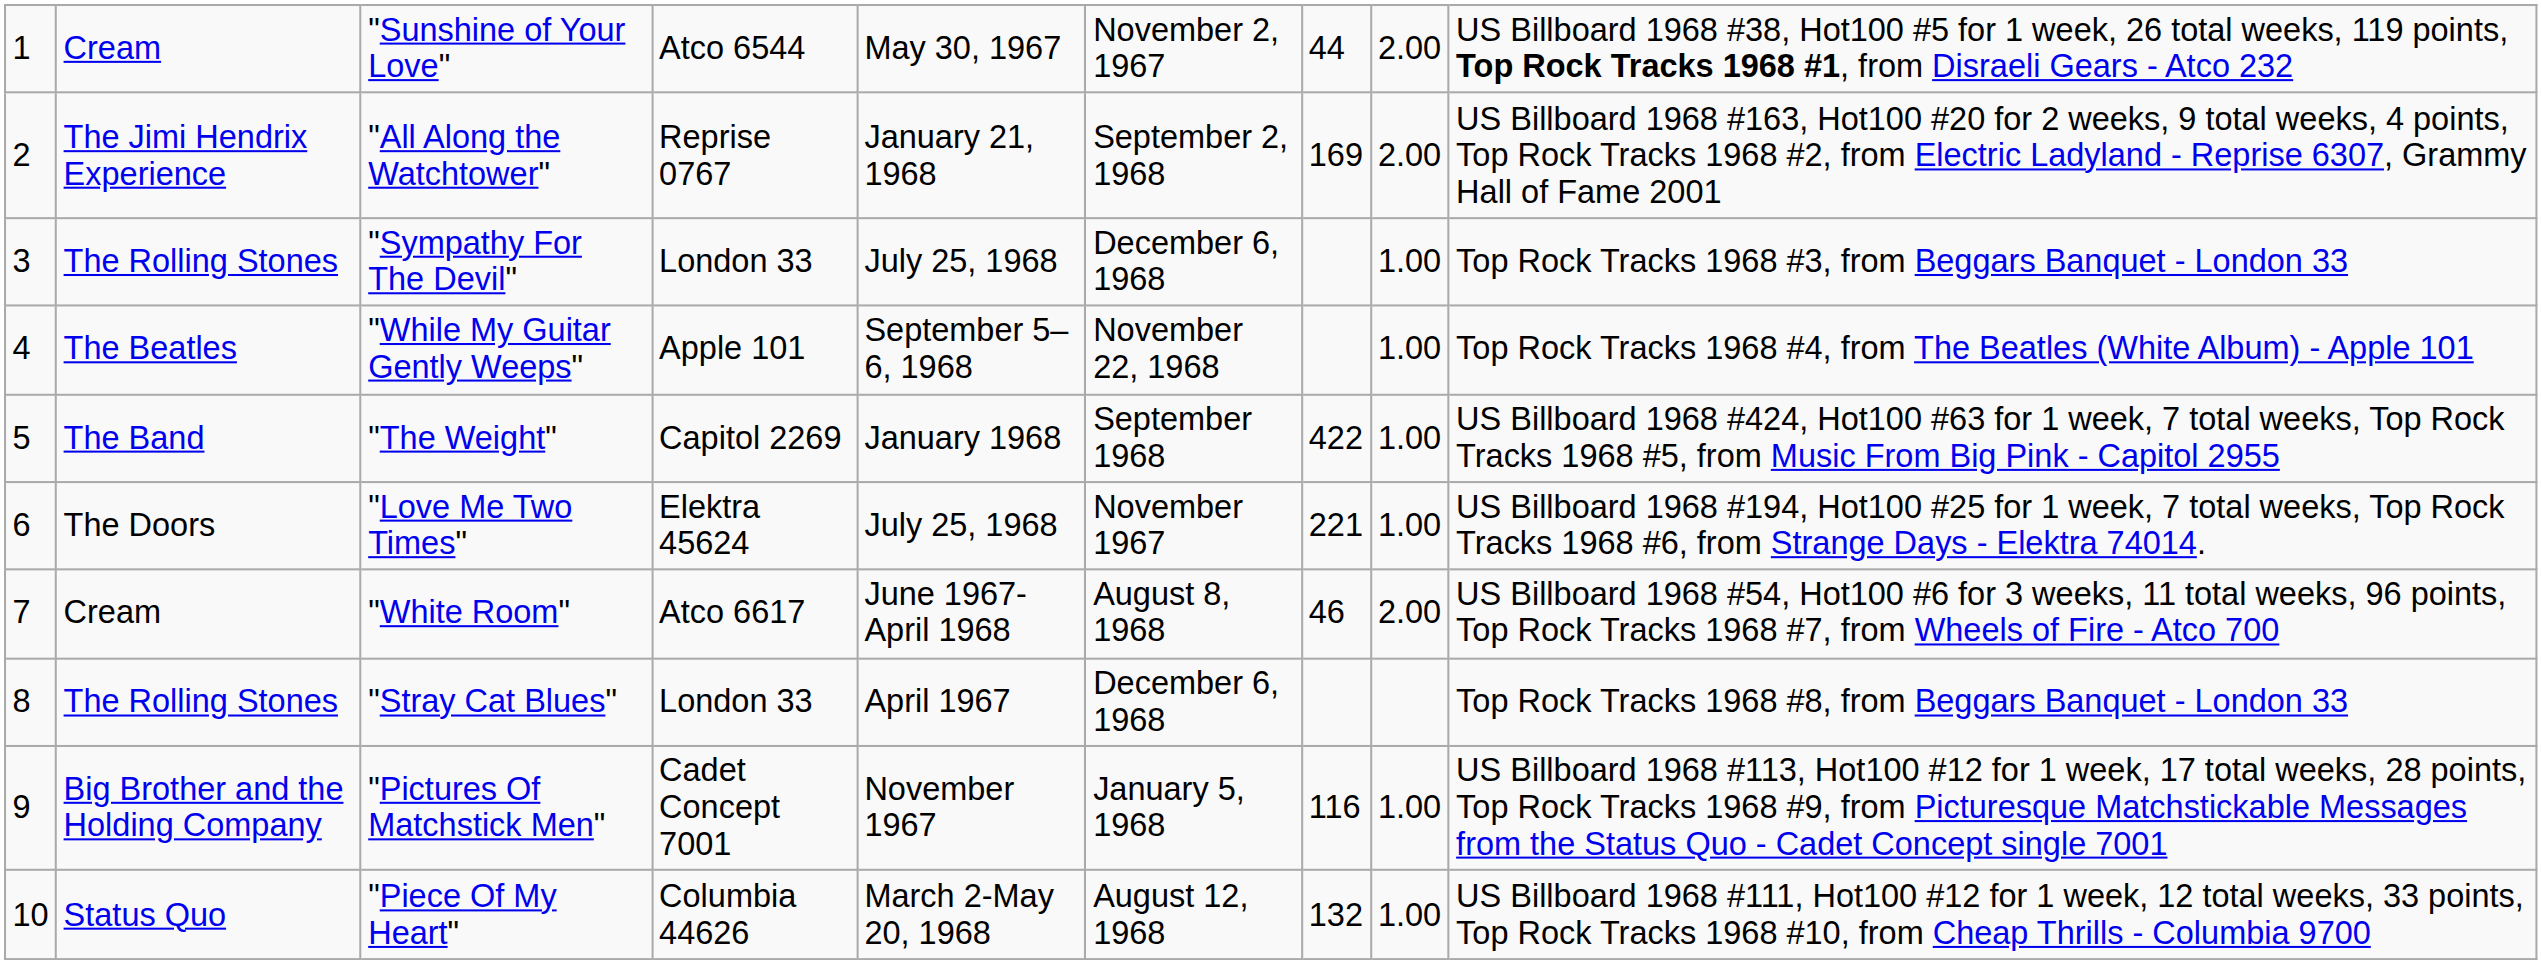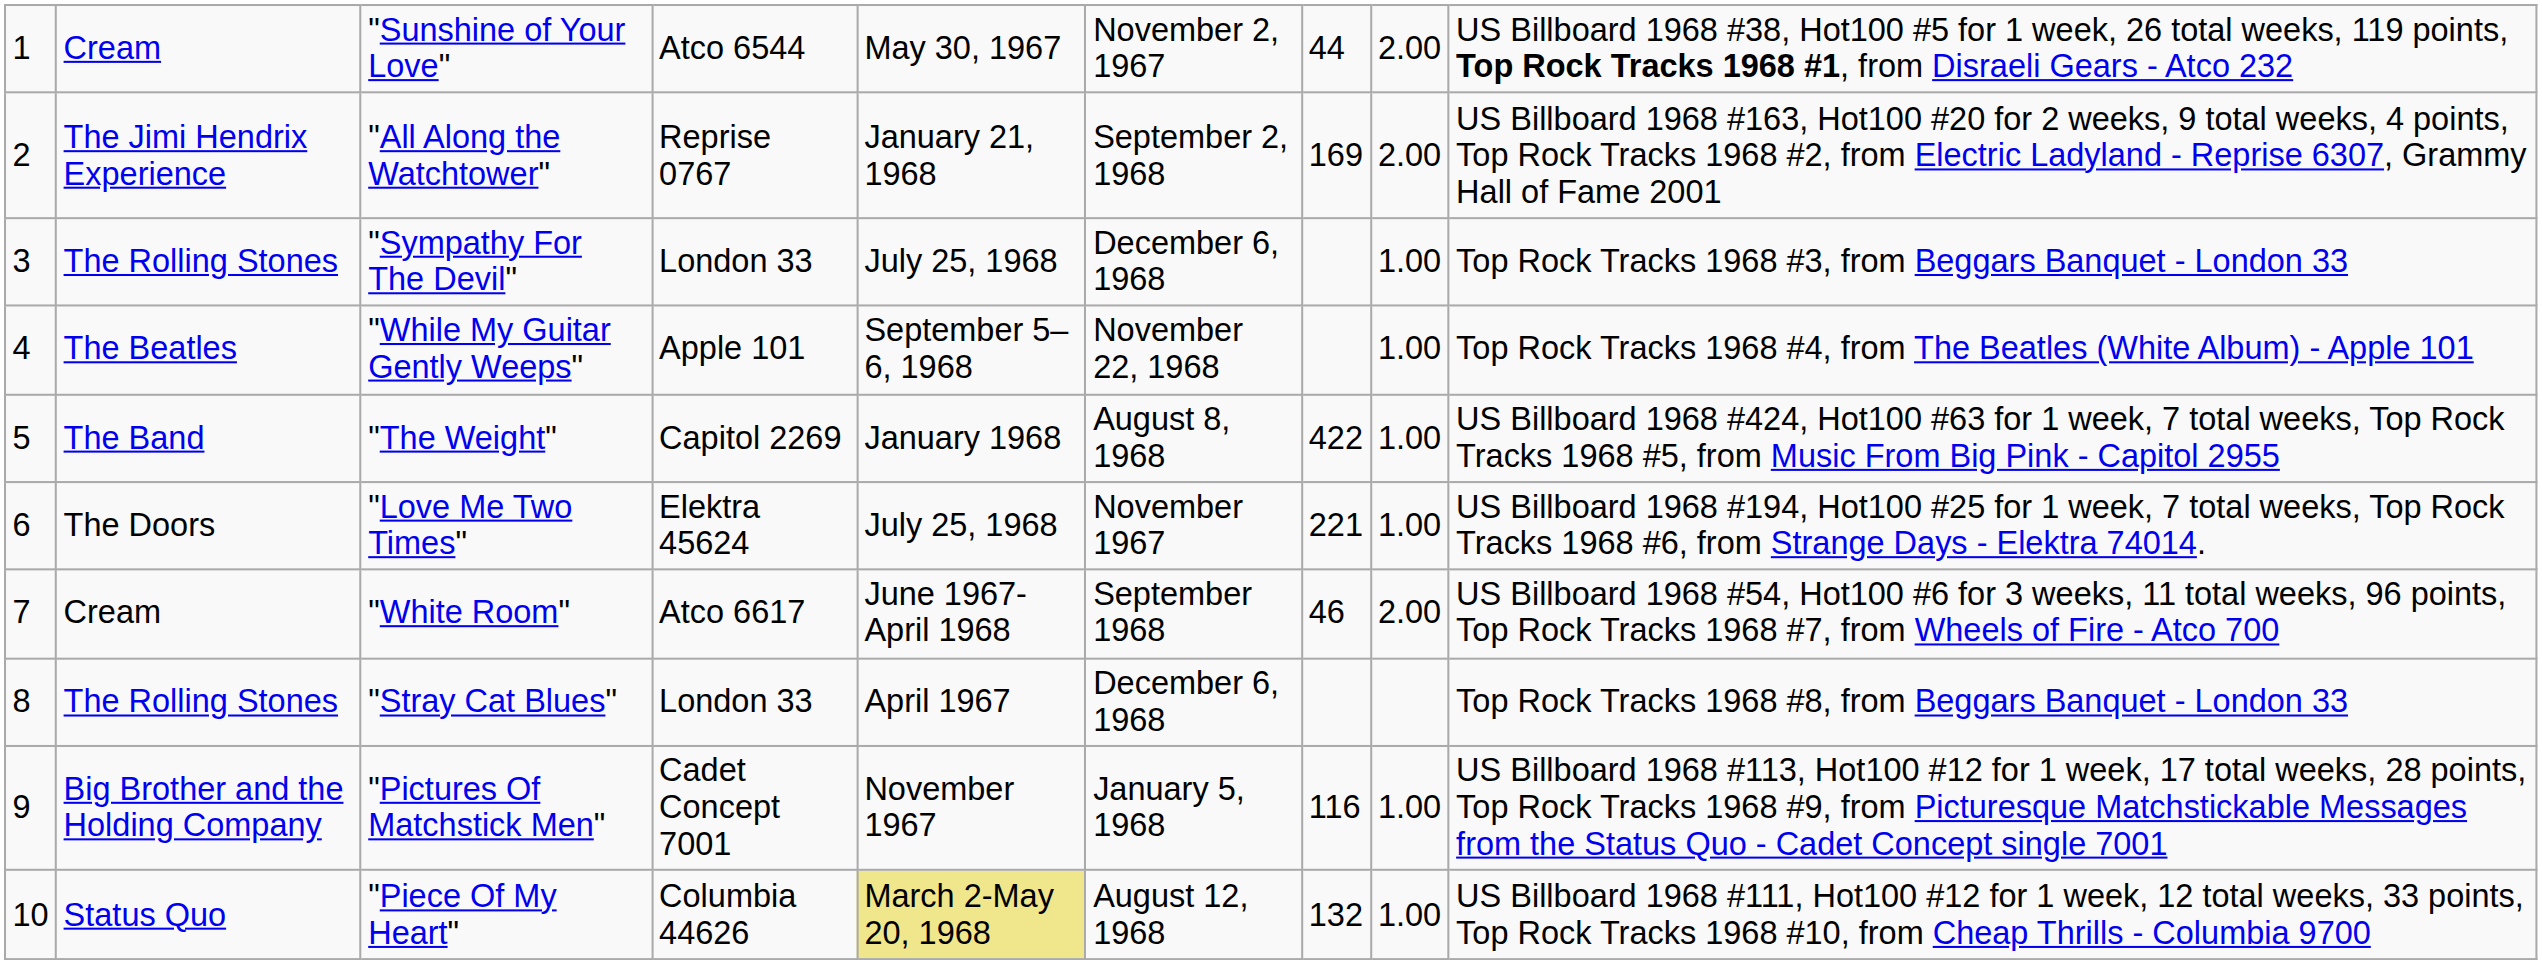 <table class="wikitable sortable">
 <tr>
 <td>1</td>
 <td><a href='#'>Cream</a></td>
 <td>"<a href='#'>Sunshine of Your Love</a>"</td>
 <td>Atco 6544</td>
 <td>May 30, 1967</td>
 <td>November 2, 1967</td>
 <td>44</td>
 <td>2.00</td>
 <td>US Billboard 1968 #38, Hot100 #5 for 1 week, 26 total weeks, 119 points, <strong>Top Rock Tracks 1968 #1</strong>, from <a href='#'>Disraeli Gears - Atco 232</a></td>
 </tr>
 <tr>
 <td>2</td>
 <td><a href='#'>The Jimi Hendrix Experience</a></td>
 <td>"<a href='#'>All Along the Watchtower</a>"</td>
 <td>Reprise 0767</td>
 <td>January 21, 1968</td>
 <td>September 2, 1968</td>
 <td>169</td>
 <td>2.00</td>
 <td>US Billboard 1968 #163, Hot100 #20 for 2 weeks, 9 total weeks, 4 points, Top Rock Tracks 1968 #2, from <a href='#'>Electric Ladyland - Reprise 6307</a>, Grammy Hall of Fame 2001</td>
 </tr>
 <tr>
 <td>3</td>
 <td><a href='#'>The Rolling Stones</a></td>
 <td>"<a href='#'>Sympathy For The Devil</a>"</td>
 <td>London 33</td>
 <td>July 25, 1968</td>
 <td>December 6, 1968</td>
 <td></td>
 <td>1.00</td>
 <td>Top Rock Tracks 1968 #3, from <a href='#'>Beggars Banquet - London 33</a></td>
 </tr>
 <tr>
 <td>4</td>
 <td><a href='#'>The Beatles</a></td>
 <td>"<a href='#'>While My Guitar Gently Weeps</a>"</td>
 <td>Apple 101</td>
 <td>September 5–6, 1968</td>
 <td>November 22, 1968</td>
 <td></td>
 <td>1.00</td>
 <td>Top Rock Tracks 1968 #4, from <a href='#'>The Beatles (White Album) - Apple 101</a></td>
 </tr>
 <tr>
 <td>5</td>
 <td><a href='#'>The Band</a></td>
 <td>"<a href='#'>The Weight</a>"</td>
 <td>Capitol 2269</td>
 <td>January 1968</td>
-<td>September 1968</td>
+<td>August 8, 1968</td>
 <td>422</td>
 <td>1.00</td>
 <td>US Billboard 1968 #424, Hot100 #63 for 1 week, 7 total weeks, Top Rock Tracks 1968 #5, from <a href='#'>Music From Big Pink - Capitol 2955</a></td>
 </tr>
 <tr>
 <td>6</td>
 <td>The Doors</td>
 <td>"<a href='#'>Love Me Two Times</a>"</td>
 <td>Elektra 45624</td>
 <td>July 25, 1968</td>
 <td>November 1967</td>
 <td>221</td>
 <td>1.00</td>
 <td>US Billboard 1968 #194, Hot100 #25 for 1 week, 7 total weeks, Top Rock Tracks 1968 #6, from <a href='#'>Strange Days - Elektra 74014</a>.</td>
 </tr>
 <tr>
 <td>7</td>
 <td>Cream</td>
 <td>"<a href='#'>White Room</a>"</td>
 <td>Atco 6617</td>
 <td>June 1967-April 1968</td>
-<td>August 8, 1968</td>
+<td>September 1968</td>
 <td>46</td>
 <td>2.00</td>
 <td>US Billboard 1968 #54, Hot100 #6 for 3 weeks, 11 total weeks, 96 points, Top Rock Tracks 1968 #7, from <a href='#'>Wheels of Fire - Atco 700</a></td>
 </tr>
 <tr>
 <td>8</td>
 <td><a href='#'>The Rolling Stones</a></td>
 <td>"<a href='#'>Stray Cat Blues</a>"</td>
 <td>London 33</td>
 <td>April 1967</td>
 <td>December 6, 1968</td>
 <td></td>
 <td></td>
 <td>Top Rock Tracks 1968 #8, from <a href='#'>Beggars Banquet - London 33</a></td>
 </tr>
 <tr>
 <td>9</td>
 <td><a href='#'>Big Brother and the Holding Company</a></td>
 <td>"<a href='#'>Pictures Of Matchstick Men</a>"</td>
 <td>Cadet Concept 7001</td>
 <td>November 1967</td>
 <td>January 5, 1968</td>
 <td>116</td>
 <td>1.00</td>
 <td>US Billboard 1968 #113, Hot100 #12 for 1 week, 17 total weeks, 28 points, Top Rock Tracks 1968 #9, from <a href='#'>Picturesque Matchstickable Messages from the Status Quo - Cadet Concept single 7001</a></td>
 </tr>
 <tr>
 <td>10</td>
 <td><a href='#'>Status Quo</a></td>
 <td>"<a href='#'>Piece Of My Heart</a>"</td>
 <td>Columbia 44626</td>
-<td>March 2-May 20, 1968</td>
+<td style="background: khaki;">March 2-May 20, 1968</td>
 <td>August 12, 1968</td>
 <td>132</td>
 <td>1.00</td>
 <td>US Billboard 1968 #111, Hot100 #12 for 1 week, 12 total weeks, 33 points, Top Rock Tracks 1968 #10, from <a href='#'>Cheap Thrills - Columbia 9700</a></td>
 </tr>
 </table>
